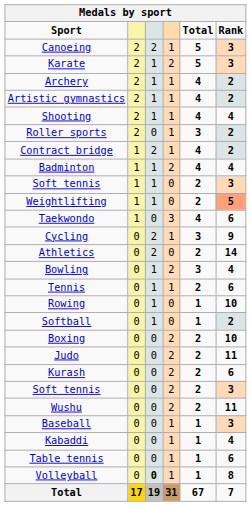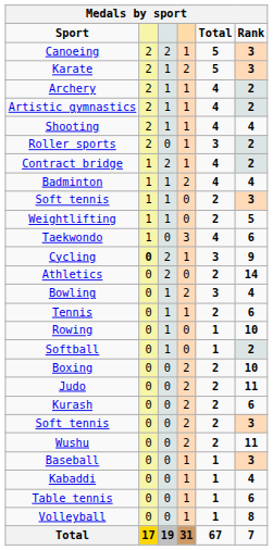 <table class=wikitable style="font-size:85%; float:right;text-align:center">
 <tr bgcolor=EFEFEF>
 <th colspan=8>Medals by sport</th>
 </tr>
 <tr>
 <td><strong>Sport</strong></td>
 <td bgcolor=F7F6A8></td>
 <td bgcolor=DCE5E5></td>
 <td bgcolor=FFDBA9></td>
 <td><strong>Total</strong></td>
 <td><strong>Rank</strong></td>
 </tr>
 <tr>
 <td><a href='#'>Canoeing</a></td>
 <td bgcolor=F7F6A8>2</td>
 <td bgcolor=DCE5E5>2</td>
 <td bgcolor=FFDAB9>1</td>
 <td><strong>5</strong></td>
 <td bgcolor=FFDAB9><strong>3</strong></td>
 </tr>
 <tr>
 <td><a href='#'>Karate</a></td>
 <td bgcolor=F7F6A8>2</td>
 <td bgcolor=DCE5E5>1</td>
 <td bgcolor=FFDAB9>2</td>
 <td><strong>5</strong></td>
 <td bgcolor=FFDAB9><strong>3</strong></td>
 </tr>
 <tr>
 <td><a href='#'>Archery</a></td>
 <td bgcolor=F7F6A8>2</td>
 <td bgcolor=DCE5E5>1</td>
 <td bgcolor=FFDAB9>1</td>
 <td><strong>4</strong></td>
 <td bgcolor=DCE5E5><strong>2</strong></td>
 </tr>
 <tr>
 <td><a href='#'>Artistic gymnastics</a></td>
 <td bgcolor=F7F6A8>2</td>
 <td bgcolor=DCE5E5>1</td>
 <td bgcolor=FFDAB9>1</td>
 <td><strong>4</strong></td>
 <td bgcolor=DCE5E5><strong>2</strong></td>
 </tr>
 <tr>
 <td><a href='#'>Shooting</a></td>
 <td bgcolor=F7F6A8>2</td>
 <td bgcolor=DCE5E5>1</td>
 <td bgcolor=FFDAB9>1</td>
 <td><strong>4</strong></td>
 <td><strong>4</strong></td>
 </tr>
 <tr>
 <td><a href='#'>Roller sports</a></td>
 <td bgcolor=F7F6A8>2</td>
 <td bgcolor=DCE5E5>0</td>
 <td bgcolor=FFDAB9>1</td>
 <td><strong>3</strong></td>
 <td bgcolor=DCE5E5><strong>2</strong></td>
 </tr>
 <tr>
 <td><a href='#'>Contract bridge</a></td>
 <td bgcolor=F7F6A8>1</td>
 <td bgcolor=DCE5E5>2</td>
 <td bgcolor=FFDAB9>1</td>
 <td><strong>4</strong></td>
 <td bgcolor=DCE5E5><strong>2</strong></td>
 </tr>
 <tr>
 <td><a href='#'>Badminton</a></td>
 <td bgcolor=F7F6A8>1</td>
 <td bgcolor=DCE5E5>1</td>
 <td bgcolor=FFDAB9>2</td>
 <td><strong>4</strong></td>
 <td><strong>4</strong></td>
 </tr>
 <tr>
 <td><a href='#'>Soft tennis</a></td>
 <td bgcolor=F7F6A8>1</td>
 <td bgcolor=DCE5E5>1</td>
 <td bgcolor=FFDAB9>0</td>
 <td><strong>2</strong></td>
 <td bgcolor=FFDAB9><strong>3</strong></td>
 </tr>
 <tr>
 <td><a href='#'>Weightlifting</a></td>
 <td bgcolor=F7F6A8>1</td>
 <td bgcolor=DCE5E5>1</td>
 <td bgcolor=FFDAB9>0</td>
 <td><strong>2</strong></td>
-<td style="background: lightsalmon;"><strong>5</strong></td>
+<td><strong>5</strong></td>
 </tr>
 <tr>
 <td><a href='#'>Taekwondo</a></td>
 <td bgcolor=F7F6A8>1</td>
 <td bgcolor=DCE5E5>0</td>
 <td bgcolor=FFDAB9>3</td>
 <td><strong>4</strong></td>
 <td><strong>6</strong></td>
 </tr>
 <tr>
 <td><a href='#'>Cycling</a></td>
-<td bgcolor=F7F6A8>0</td>
+<td bgcolor=F7F6A8><strong>0</strong></td>
 <td bgcolor=DCE5E5>2</td>
 <td bgcolor=FFDAB9>1</td>
 <td><strong>3</strong></td>
 <td><strong>9</strong></td>
 </tr>
 <tr>
 <td><a href='#'>Athletics</a></td>
 <td bgcolor=F7F6A8>0</td>
 <td bgcolor=DCE5E5>2</td>
 <td bgcolor=FFDAB9>0</td>
 <td><strong>2</strong></td>
 <td><strong>14</strong></td>
 </tr>
 <tr>
 <td><a href='#'>Bowling</a></td>
 <td bgcolor=F7F6A8>0</td>
 <td bgcolor=DCE5E5>1</td>
 <td bgcolor=FFDAB9>2</td>
 <td><strong>3</strong></td>
 <td><strong>4</strong></td>
 </tr>
 <tr>
 <td><a href='#'>Tennis</a></td>
 <td bgcolor=F7F6A8>0</td>
 <td bgcolor=DCE5E5>1</td>
 <td bgcolor=FFDAB9>1</td>
 <td><strong>2</strong></td>
 <td><strong>6</strong></td>
 </tr>
 <tr>
 <td><a href='#'>Rowing</a></td>
 <td bgcolor=F7F6A8>0</td>
 <td bgcolor=DCE5E5>1</td>
 <td bgcolor=FFDAB9>0</td>
 <td><strong>1</strong></td>
 <td><strong>10</strong></td>
 </tr>
 <tr>
 <td><a href='#'>Softball</a></td>
 <td bgcolor=F7F6A8>0</td>
 <td bgcolor=DCE5E5>1</td>
 <td bgcolor=FFDAB9>0</td>
 <td><strong>1</strong></td>
 <td bgcolor=DCE5E5><strong>2</strong></td>
 </tr>
 <tr>
 <td><a href='#'>Boxing</a></td>
 <td bgcolor=F7F6A8>0</td>
 <td bgcolor=DCE5E5>0</td>
 <td bgcolor=FFDAB9>2</td>
 <td><strong>2</strong></td>
 <td><strong>10</strong></td>
 </tr>
 <tr>
 <td><a href='#'>Judo</a></td>
 <td bgcolor=F7F6A8>0</td>
 <td bgcolor=DCE5E5>0</td>
 <td bgcolor=FFDAB9>2</td>
 <td><strong>2</strong></td>
 <td><strong>11</strong></td>
 </tr>
 <tr>
 <td><a href='#'>Kurash</a></td>
 <td bgcolor=F7F6A8>0</td>
 <td bgcolor=DCE5E5>0</td>
 <td bgcolor=FFDAB9>2</td>
 <td><strong>2</strong></td>
 <td><strong>6</strong></td>
 </tr>
 <tr>
 <td><a href='#'>Soft tennis</a></td>
 <td bgcolor=F7F6A8>0</td>
 <td bgcolor=DCE5E5>0</td>
 <td bgcolor=FFDAB9>2</td>
 <td><strong>2</strong></td>
 <td bgcolor=FFDAB9><strong>3</strong></td>
 </tr>
 <tr>
 <td><a href='#'>Wushu</a></td>
 <td bgcolor=F7F6A8>0</td>
 <td bgcolor=DCE5E5>0</td>
 <td bgcolor=FFDAB9>2</td>
 <td><strong>2</strong></td>
 <td><strong>11</strong></td>
 </tr>
 <tr>
 <td><a href='#'>Baseball</a></td>
 <td bgcolor=F7F6A8>0</td>
 <td bgcolor=DCE5E5>0</td>
 <td bgcolor=FFDAB9>1</td>
 <td><strong>1</strong></td>
 <td bgcolor=FFDAB9><strong>3</strong></td>
 </tr>
 <tr>
 <td><a href='#'>Kabaddi</a></td>
 <td bgcolor=F7F6A8>0</td>
 <td bgcolor=DCE5E5>0</td>
 <td bgcolor=FFDAB9>1</td>
 <td><strong>1</strong></td>
 <td><strong>4</strong></td>
 </tr>
 <tr>
 <td><a href='#'>Table tennis</a></td>
 <td bgcolor=F7F6A8>0</td>
 <td bgcolor=DCE5E5>0</td>
 <td bgcolor=FFDAB9>1</td>
 <td><strong>1</strong></td>
 <td><strong>6</strong></td>
 </tr>
 <tr>
 <td><a href='#'>Volleyball</a></td>
 <td bgcolor=F7F6A8>0</td>
-<td bgcolor=DCE5E5><strong>0</strong></td>
+<td bgcolor=DCE5E5>0</td>
 <td bgcolor=FFDAB9>1</td>
 <td><strong>1</strong></td>
 <td><strong>8</strong></td>
 </tr>
 <tr>
 <th>Total</th>
 <td style="background:gold;"><strong>17</strong></td>
 <td style="background:silver;"><strong>19</strong></td>
 <td style="background:#c96;"><strong>31</strong></td>
 <td><strong>67</strong></td>
 <td><strong>7</strong></td>
 </tr>
 </table>
